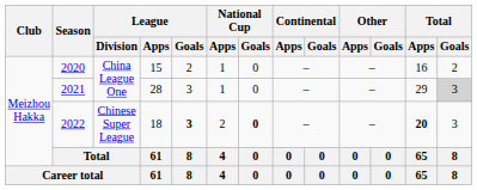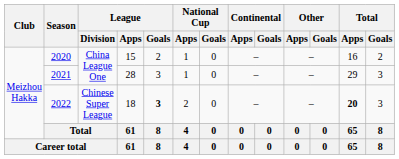 <table class="wikitable" style="text-align: center">
 <tr>
 <th rowspan="2">Club</th>
 <th rowspan="2">Season</th>
 <th colspan="3">League</th>
 <th colspan="2">National Cup</th>
 <th colspan="2">Continental</th>
 <th colspan="2">Other</th>
 <th colspan="2">Total</th>
 </tr>
 <tr>
 <th>Division</th>
 <th>Apps</th>
 <th>Goals</th>
 <th>Apps</th>
 <th>Goals</th>
 <th>Apps</th>
 <th>Goals</th>
 <th>Apps</th>
 <th>Goals</th>
 <th>Apps</th>
 <th>Goals</th>
 </tr>
 <tr>
 <td rowspan="4"><a href='#'>Meizhou Hakka</a></td>
 <td><a href='#'>2020</a></td>
 <td rowspan="2"><a href='#'>China League One</a></td>
 <td>15</td>
 <td>2</td>
 <td>1</td>
 <td>0</td>
 <td colspan="2">–</td>
 <td colspan="2">–</td>
 <td>16</td>
 <td>2</td>
 </tr>
 <tr>
 <td><a href='#'>2021</a></td>
 <td>28</td>
 <td>3</td>
 <td>1</td>
 <td>0</td>
 <td colspan="2">–</td>
 <td colspan="2">–</td>
 <td>29</td>
-<td style="background: lightgrey;">3</td>
+<td>3</td>
 </tr>
 <tr>
 <td><a href='#'>2022</a></td>
 <td><a href='#'>Chinese Super League</a></td>
 <td>18</td>
 <td><strong>3</strong></td>
 <td>2</td>
-<td><strong>0</strong></td>
+<td>0</td>
 <td colspan="2">–</td>
 <td colspan="2">–</td>
 <td><strong>20</strong></td>
 <td>3</td>
 </tr>
 <tr>
 <th colspan=2>Total</th>
 <th>61</th>
 <th>8</th>
 <th>4</th>
 <th>0</th>
 <th>0</th>
 <th>0</th>
 <th>0</th>
 <th>0</th>
 <th>65</th>
 <th>8</th>
 </tr>
 <tr>
 <th colspan=3>Career total</th>
 <th>61</th>
 <th>8</th>
 <th>4</th>
 <th>0</th>
 <th>0</th>
 <th>0</th>
 <th>0</th>
 <th>0</th>
 <th>65</th>
 <th>8</th>
 </tr>
 </table>
